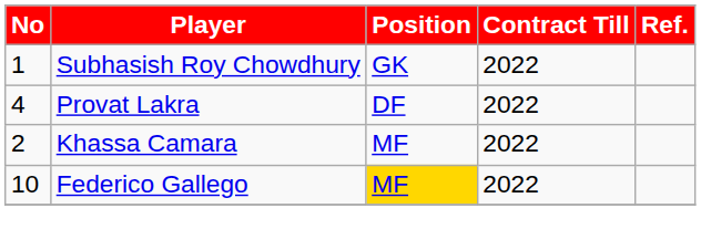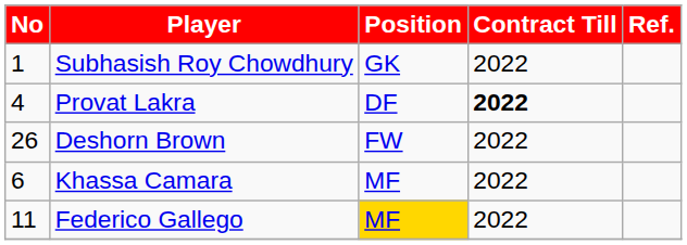 <table class="wikitable">
 <tr>
 <th style="background:#FF0000; color:white;"><strong>No</strong></th>
 <th style="background:#FF0000; color:white;"><strong>Player</strong></th>
 <th style="background:#FF0000; color:white;text-align:center;"><strong>Position</strong></th>
 <th style="background:#FF0000; color:white;"><strong>Contract Till</strong></th>
 <th style="background:#FF0000; color:white;"><strong>Ref.</strong></th>
 </tr>
 <tr>
 <td>1</td>
 <td> <a href='#'>Subhasish Roy Chowdhury</a></td>
 <td><a href='#'>GK</a></td>
 <td>2022</td>
 <td></td>
 </tr>
 <tr>
 <td>4</td>
 <td> <a href='#'>Provat Lakra</a></td>
 <td><a href='#'>DF</a></td>
+<td><strong>2022</strong></td>
+<td></td>
+</tr>
+<tr>
+<td>26</td>
+<td> <a href='#'>Deshorn Brown</a></td>
+<td><a href='#'>FW</a></td>
 <td>2022</td>
 <td></td>
 </tr>
 <tr>
-<td>2</td>
+<td>6</td>
 <td> <a href='#'>Khassa Camara</a></td>
 <td><a href='#'>MF</a></td>
 <td>2022</td>
 <td></td>
 </tr>
 <tr>
-<td>10</td>
+<td>11</td>
 <td> <a href='#'>Federico Gallego</a></td>
 <td style="background: gold;"><a href='#'>MF</a></td>
 <td>2022</td>
 <td></td>
 </tr>
 <tr>
 </tr>
 </table>
